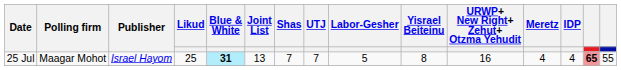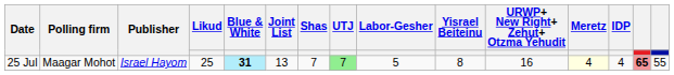 <table class="wikitable sortable" style="text-align:center;font-size:90%;line-height:13px">
 <tr>
 <th rowspan="2">Date</th>
 <th rowspan="2">Polling firm</th>
 <th rowspan="2">Publisher</th>
 <th><a href='#'>Likud</a></th>
 <th><a href='#'>Blue &<br>White</a></th>
 <th><a href='#'>Joint<br>List</a></th>
 <th><a href='#'>Shas</a></th>
 <th><a href='#'>UTJ</a></th>
 <th><a href='#'>Labor-Gesher</a></th>
 <th><a href='#'>Yisrael<br>Beiteinu</a></th>
 <th><a href='#'>URWP</a>+<br><a href='#'>New Right</a>+<br><a href='#'>Zehut</a>+<br><a href='#'>Otzma Yehudit</a></th>
 <th><a href='#'>Meretz</a></th>
 <th><a href='#'>IDP</a></th>
 <th></th>
 <th></th>
 </tr>
 <tr>
 <th style="background:"></th>
 <th style="background:"></th>
 <th style="background:"></th>
 <th style="background:"></th>
 <th style="background:"></th>
 <th style="background:"></th>
 <th style="background:"></th>
 <th style="background:"></th>
 <th style="background:"></th>
 <th style="background:"></th>
 <th style="background:#E81B23;"></th>
 <th style="background:#000EA3;"></th>
 </tr>
 <tr>
 <td data-sort-value="2019-07-25">25 Jul</td>
 <td>Maagar Mohot</td>
 <td><em><a href='#'>Israel Hayom</a></em></td>
 <td>25					</td>
 <td style="background:#B2EDFB"><strong>31</strong>	</td>
 <td>13					</td>
 <td>7					</td>
-<td>7					</td>
+<td style="background: lightgreen;">7					</td>
 <td>5					</td>
 <td>8					</td>
 <td>16					</td>
-<td>4					</td>
+<td style="background: lightyellow;">4					</td>
 <td>4					</td>
 <td style="background:#F4959A"><strong>65</strong>	</td>
 <td>55					</td>
 </tr>
 </table>
